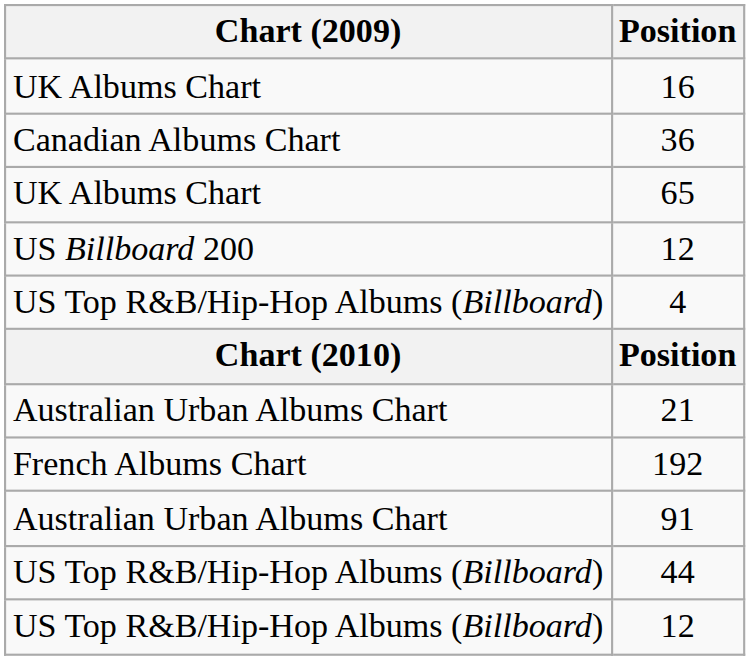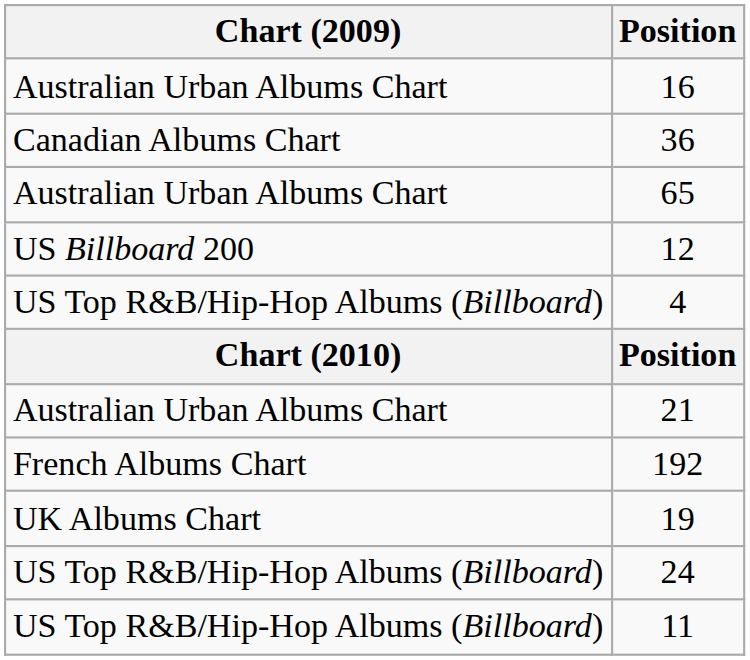 <table class="wikitable">
 <tr>
 <th>Chart (2009)</th>
 <th>Position</th>
 </tr>
 <tr>
-<td>UK Albums Chart</td>
+<td>Australian Urban Albums Chart</td>
 <td style="text-align:center;">16</td>
 </tr>
 <tr>
 <td>Canadian Albums Chart</td>
 <td style="text-align:center;">36</td>
 </tr>
 <tr>
-<td>UK Albums Chart</td>
+<td>Australian Urban Albums Chart</td>
 <td style="text-align:center;">65</td>
 </tr>
 <tr>
 <td>US <em>Billboard</em> 200</td>
 <td style="text-align:center;">12</td>
 </tr>
 <tr>
 <td>US Top R&B/Hip-Hop Albums (<em>Billboard</em>)</td>
 <td style="text-align:center;">4</td>
 </tr>
 <tr>
 <th>Chart (2010)</th>
 <th>Position</th>
 </tr>
 <tr>
 <td>Australian Urban Albums Chart</td>
 <td style="text-align:center;">21</td>
 </tr>
 <tr>
 <td>French Albums Chart</td>
 <td style="text-align:center;">192</td>
 </tr>
 <tr>
-<td>Australian Urban Albums Chart</td>
-<td style="text-align:center;">91</td>
+<td>UK Albums Chart</td>
+<td style="text-align:center;">19</td>
 </tr>
 <tr>
 <td>US Top R&B/Hip-Hop Albums (<em>Billboard</em>)</td>
-<td style="text-align:center;">44</td>
+<td style="text-align:center;">24</td>
 </tr>
 <tr>
 <td>US Top R&B/Hip-Hop Albums (<em>Billboard</em>)</td>
-<td style="text-align:center;">12</td>
+<td style="text-align:center;">11</td>
 </tr>
 </table>
